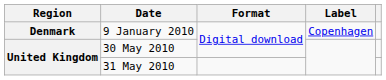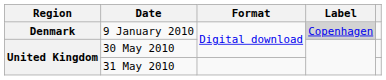 <table class="wikitable plainrowheaders">
 <tr>
 <th scope="col">Region</th>
 <th scope="col">Date</th>
 <th scope="col">Format</th>
 <th scope="col">Label</th>
 <th scope="col"></th>
 </tr>
 <tr>
 <th scope="row">Denmark</th>
 <td>9 January 2010</td>
 <td rowspan="2"><a href='#'>Digital download</a></td>
-<td><a href='#'>Copenhagen</a></td>
+<td style="background: lightgrey;"><a href='#'>Copenhagen</a></td>
 <td align="center"></td>
 </tr>
 <tr>
 <th scope="row" rowspan="2">United Kingdom</th>
 <td>30 May 2010</td>
 <td rowspan="2"></td>
 <td align="center"></td>
 </tr>
 <tr>
 <td>31 May 2010</td>
 <td></td>
 <td align="center"></td>
 </tr>
 </table>
